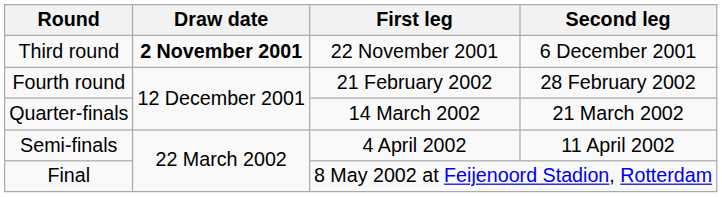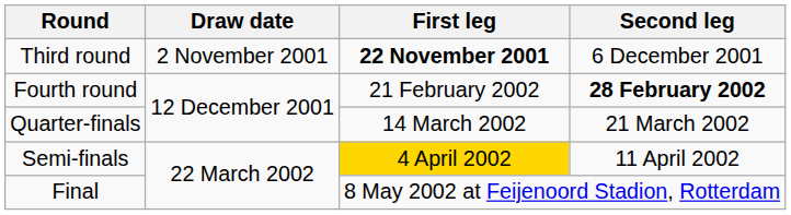 <table class="wikitable" style="text-align:center">
 <tr>
 <th>Round</th>
 <th>Draw date</th>
 <th>First leg</th>
 <th>Second leg</th>
 </tr>
 <tr>
 <td>Third round</td>
-<td><strong>2 November 2001</strong></td>
-<td>22 November 2001</td>
+<td>2 November 2001</td>
+<td><strong>22 November 2001</strong></td>
 <td>6 December 2001</td>
 </tr>
 <tr>
 <td>Fourth round</td>
 <td rowspan=2>12 December 2001</td>
 <td>21 February 2002</td>
-<td>28 February 2002</td>
+<td><strong>28 February 2002</strong></td>
 </tr>
 <tr>
 <td>Quarter-finals</td>
 <td>14 March 2002</td>
 <td>21 March 2002</td>
 </tr>
 <tr>
 <td>Semi-finals</td>
 <td rowspan=2>22 March 2002</td>
-<td>4 April 2002</td>
+<td style="background: gold;">4 April 2002</td>
 <td>11 April 2002</td>
 </tr>
 <tr>
 <td>Final</td>
 <td colspan=2>8 May 2002 at <a href='#'>Feijenoord Stadion</a>, <a href='#'>Rotterdam</a></td>
 </tr>
 </table>
